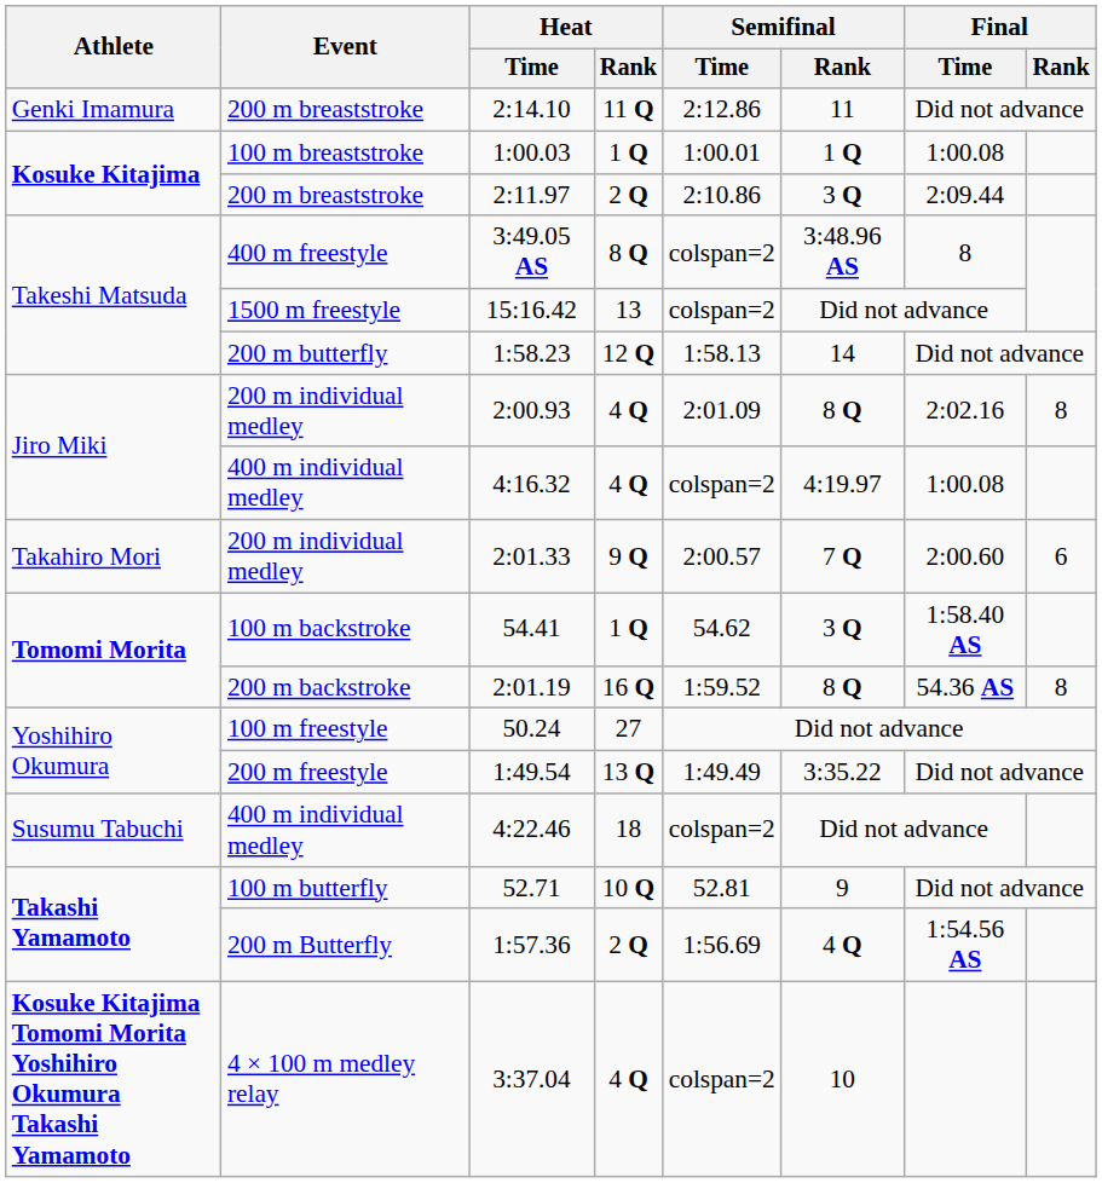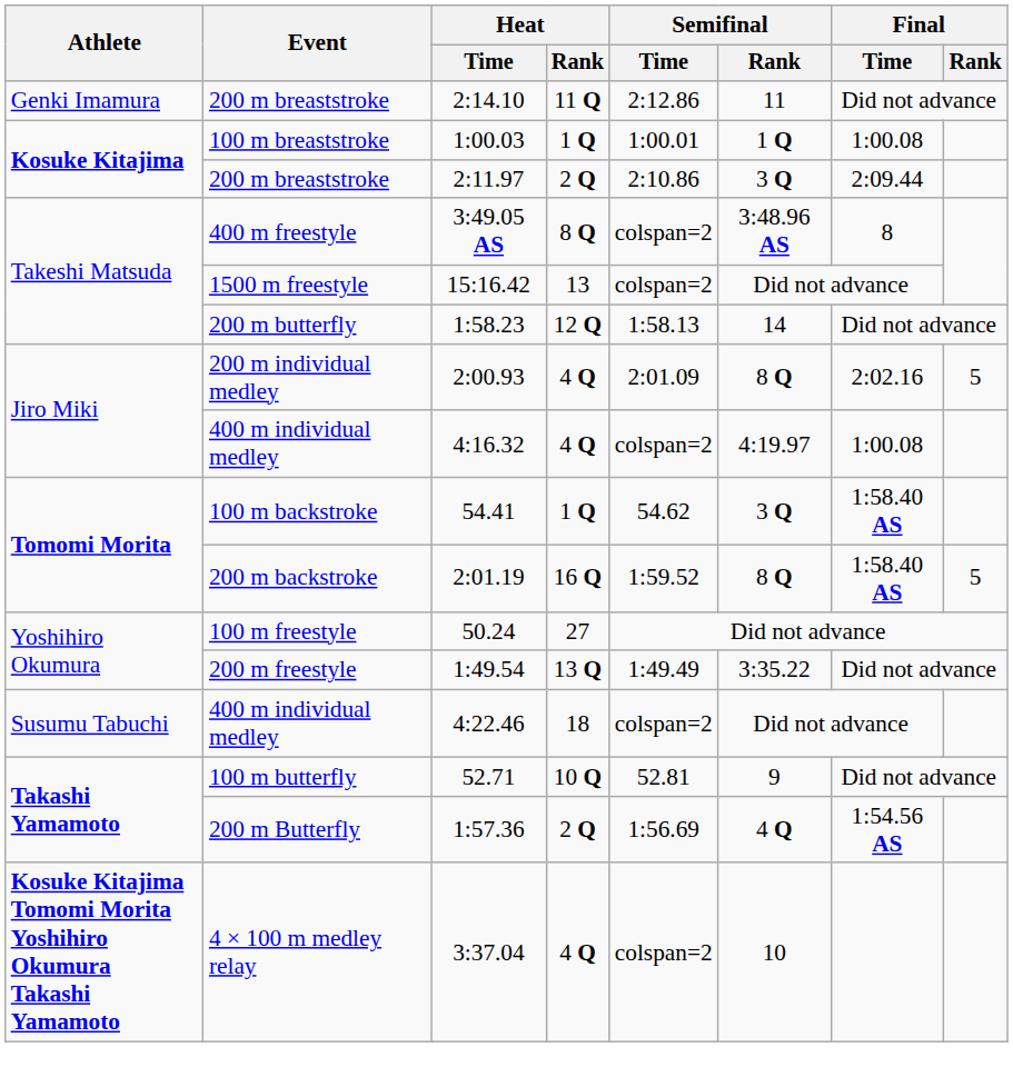 <table class=wikitable style="font-size:90%">
 <tr>
 <th rowspan="2">Athlete</th>
 <th rowspan="2">Event</th>
 <th colspan="2">Heat</th>
 <th colspan="2">Semifinal</th>
 <th colspan="2">Final</th>
 </tr>
 <tr style="font-size:95%">
 <th>Time</th>
 <th>Rank</th>
 <th>Time</th>
 <th>Rank</th>
 <th>Time</th>
 <th>Rank</th>
 </tr>
 <tr align=center>
 <td align=left><a href='#'>Genki Imamura</a></td>
 <td align=left><a href='#'>200 m breaststroke</a></td>
 <td>2:14.10</td>
 <td>11 <strong>Q</strong></td>
 <td>2:12.86</td>
 <td>11</td>
 <td colspan=2>Did not advance</td>
 </tr>
 <tr align=center>
 <td align=left rowspan=2><strong><a href='#'>Kosuke Kitajima</a></strong></td>
 <td align=left><a href='#'>100 m breaststroke</a></td>
 <td>1:00.03 </td>
 <td>1 <strong>Q</strong></td>
 <td>1:00.01 </td>
 <td>1 <strong>Q</strong></td>
 <td>1:00.08</td>
 <td></td>
 </tr>
 <tr align=center>
 <td align=left><a href='#'>200 m breaststroke</a></td>
 <td>2:11.97</td>
 <td>2 <strong>Q</strong></td>
 <td>2:10.86</td>
 <td>3 <strong>Q</strong></td>
 <td>2:09.44 </td>
 <td></td>
 </tr>
 <tr align=center>
 <td align=left rowspan=3><a href='#'>Takeshi Matsuda</a></td>
 <td align=left><a href='#'>400 m freestyle</a></td>
 <td>3:49.05 <strong><a href='#'>AS</a></strong></td>
 <td>8 <strong>Q</strong></td>
 <td>colspan=2 </td>
 <td>3:48.96 <strong><a href='#'>AS</a></strong></td>
 <td>8</td>
 </tr>
 <tr align=center>
 <td align=left><a href='#'>1500 m freestyle</a></td>
 <td>15:16.42</td>
 <td>13</td>
 <td>colspan=2 </td>
 <td colspan=2>Did not advance</td>
 </tr>
 <tr align=center>
 <td align=left><a href='#'>200 m butterfly</a></td>
 <td>1:58.23</td>
 <td>12 <strong>Q</strong></td>
 <td>1:58.13</td>
 <td>14</td>
 <td colspan=2>Did not advance</td>
 </tr>
 <tr align=center>
 <td align=left rowspan=2><a href='#'>Jiro Miki</a></td>
 <td align=left><a href='#'>200 m individual medley</a></td>
 <td>2:00.93</td>
 <td>4 <strong>Q</strong></td>
 <td>2:01.09</td>
 <td>8 <strong>Q</strong></td>
 <td>2:02.16</td>
-<td>8</td>
+<td>5</td>
 </tr>
 <tr align=center>
 <td align=left><a href='#'>400 m individual medley</a></td>
 <td>4:16.32</td>
 <td>4 <strong>Q</strong></td>
 <td>colspan=2 </td>
 <td>4:19.97</td>
 <td>1:00.08</td>
-</tr>
-<tr align=center>
-<td align=left><a href='#'>Takahiro Mori</a></td>
-<td align=left><a href='#'>200 m individual medley</a></td>
-<td>2:01.33</td>
-<td>9 <strong>Q</strong></td>
-<td>2:00.57</td>
-<td>7 <strong>Q</strong></td>
-<td>2:00.60</td>
-<td>6</td>
 </tr>
 <tr align=center>
 <td align=left rowspan=2><strong><a href='#'>Tomomi Morita</a></strong></td>
 <td align=left><a href='#'>100 m backstroke</a></td>
 <td>54.41</td>
 <td>1 <strong>Q</strong></td>
 <td>54.62</td>
 <td>3 <strong>Q</strong></td>
 <td>1:58.40 <strong><a href='#'>AS</a></strong></td>
 <td></td>
 </tr>
 <tr align=center>
 <td align=left><a href='#'>200 m backstroke</a></td>
 <td>2:01.19</td>
 <td>16 <strong>Q</strong></td>
 <td>1:59.52</td>
 <td>8 <strong>Q</strong></td>
-<td>54.36 <strong><a href='#'>AS</a></strong></td>
-<td>8</td>
+<td>1:58.40 <strong><a href='#'>AS</a></strong></td>
+<td>5</td>
 </tr>
 <tr align=center>
 <td align=left rowspan=2><a href='#'>Yoshihiro Okumura</a></td>
 <td align=left><a href='#'>100 m freestyle</a></td>
 <td>50.24</td>
 <td>27</td>
 <td colspan=4>Did not advance</td>
 </tr>
 <tr align=center>
 <td align=left><a href='#'>200 m freestyle</a></td>
 <td>1:49.54</td>
 <td>13 <strong>Q</strong></td>
 <td>1:49.49</td>
 <td>3:35.22</td>
 <td colspan=2>Did not advance</td>
 </tr>
 <tr align=center>
 <td align=left><a href='#'>Susumu Tabuchi</a></td>
 <td align=left><a href='#'>400 m individual medley</a></td>
 <td>4:22.46</td>
 <td>18</td>
 <td>colspan=2 </td>
 <td colspan=2>Did not advance</td>
 </tr>
 <tr align=center>
 <td align=left rowspan=2><strong><a href='#'>Takashi Yamamoto</a></strong></td>
 <td align=left><a href='#'>100 m butterfly</a></td>
 <td>52.71</td>
 <td>10 <strong>Q</strong></td>
 <td>52.81</td>
 <td>9</td>
 <td colspan=2>Did not advance</td>
 </tr>
 <tr align=center>
 <td align=left><a href='#'>200 m Butterfly</a></td>
 <td>1:57.36</td>
 <td>2 <strong>Q</strong></td>
 <td>1:56.69</td>
 <td>4 <strong>Q</strong></td>
 <td>1:54.56 <strong><a href='#'>AS</a></strong></td>
 <td></td>
 </tr>
 <tr align=center>
 <td align=left><strong><a href='#'>Kosuke Kitajima</a><br><a href='#'>Tomomi Morita</a><br><a href='#'>Yoshihiro Okumura</a><br><a href='#'>Takashi Yamamoto</a></strong></td>
 <td align=left><a href='#'>4 × 100 m medley relay</a></td>
 <td>3:37.04</td>
 <td>4 <strong>Q</strong></td>
 <td>colspan=2 </td>
 <td>10</td>
 <td></td>
 </tr>
 </table>
